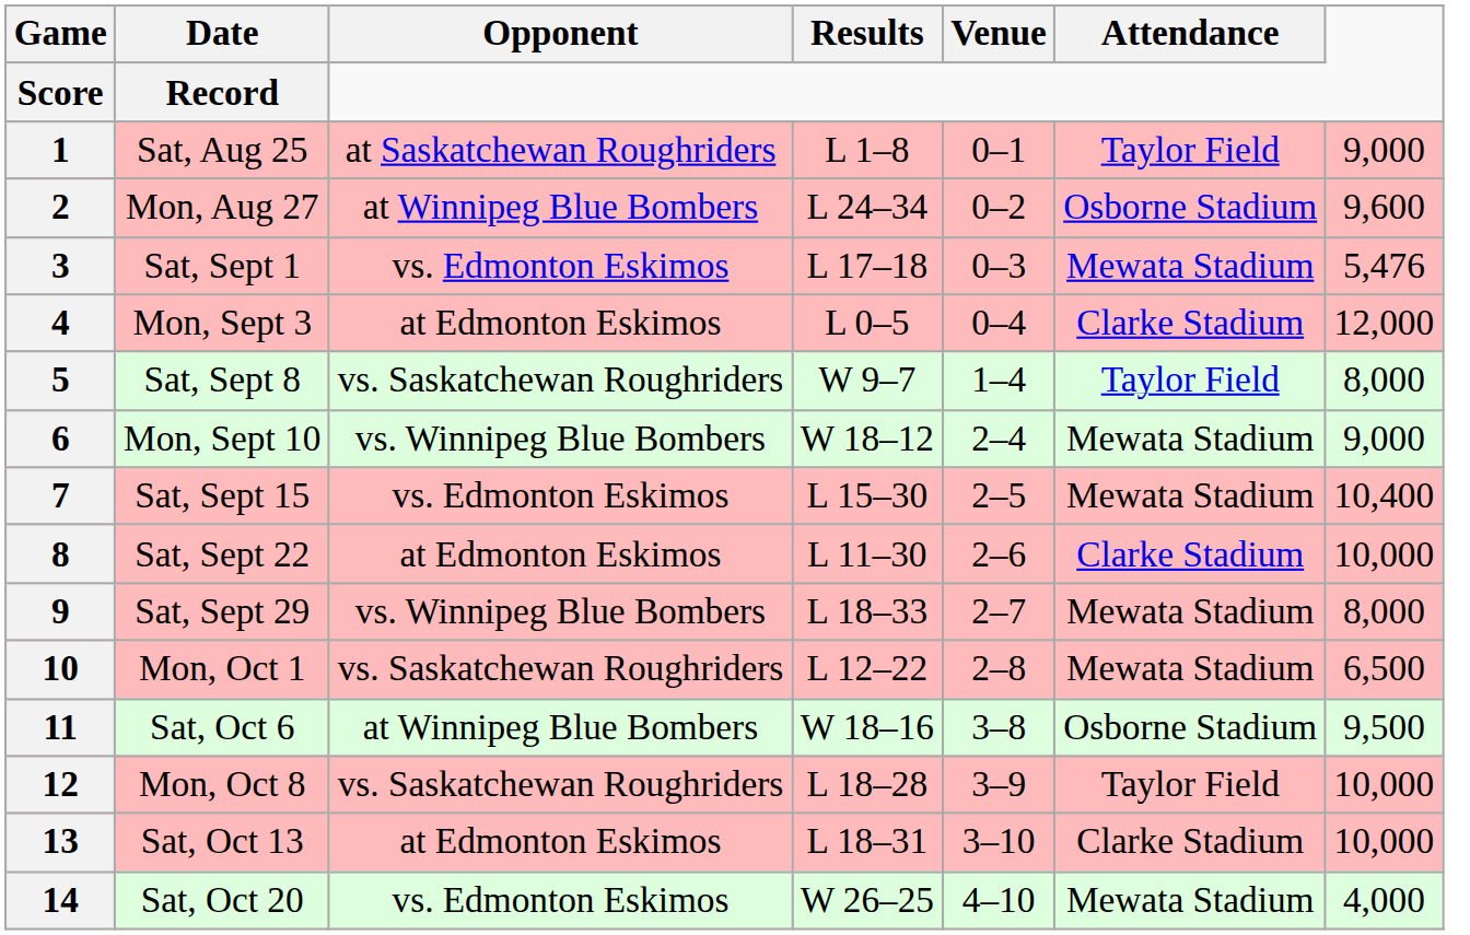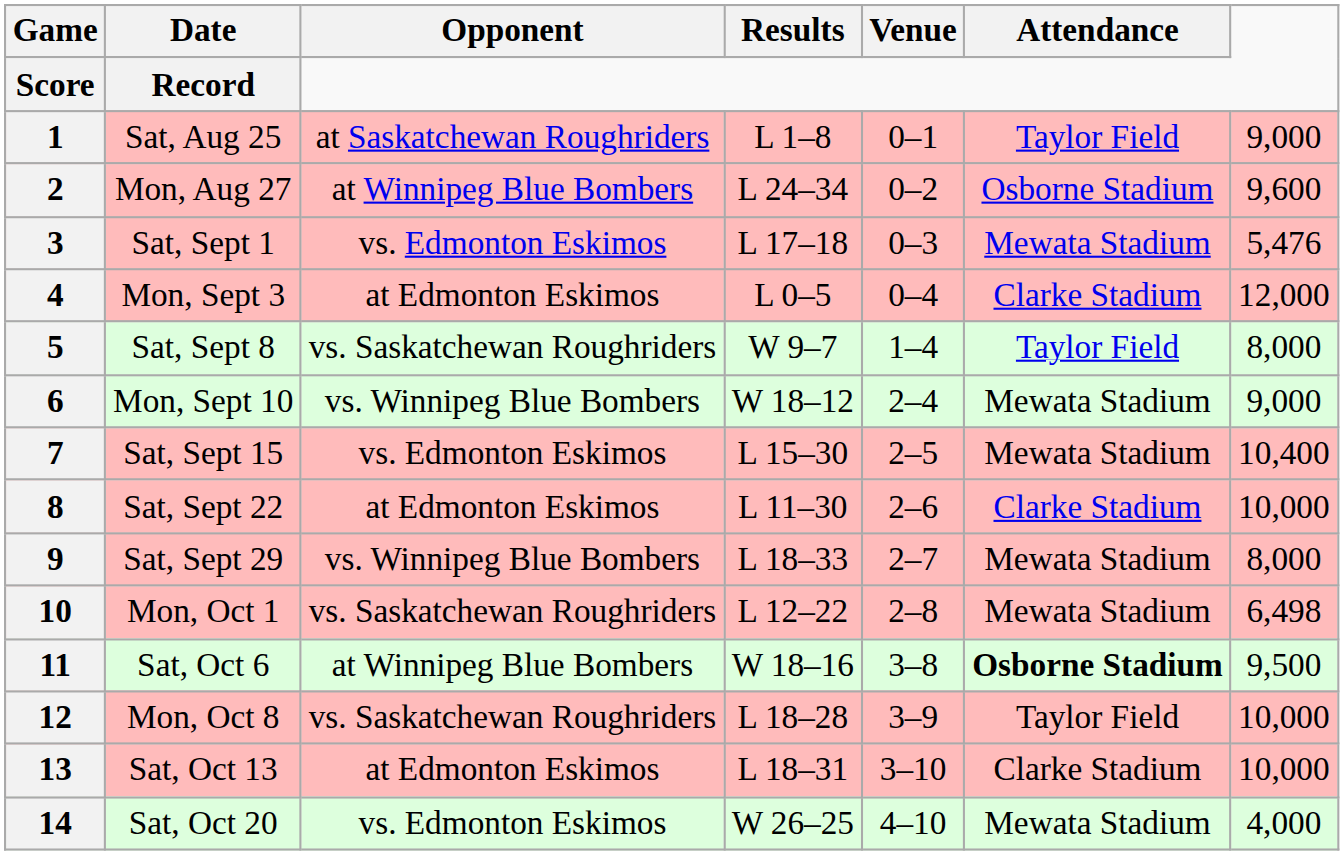 <table class="wikitable" style="text-align:center">
 <tr>
 <th>Game</th>
 <th>Date</th>
 <th>Opponent</th>
 <th>Results</th>
 <th>Venue</th>
 <th>Attendance</th>
 </tr>
 <tr>
 <th>Score</th>
 <th>Record</th>
 </tr>
 <tr style="background:#ffbbbb">
 <th>1</th>
 <td>Sat, Aug 25</td>
 <td>at <a href='#'>Saskatchewan Roughriders</a></td>
 <td>L 1–8</td>
 <td>0–1</td>
 <td><a href='#'>Taylor Field</a></td>
 <td>9,000</td>
 </tr>
 <tr style="background:#ffbbbb">
 <th>2</th>
 <td>Mon, Aug 27</td>
 <td>at <a href='#'>Winnipeg Blue Bombers</a></td>
 <td>L 24–34</td>
 <td>0–2</td>
 <td><a href='#'>Osborne Stadium</a></td>
 <td>9,600</td>
 </tr>
 <tr style="background:#ffbbbb">
 <th>3</th>
 <td>Sat, Sept 1</td>
 <td>vs. <a href='#'>Edmonton Eskimos</a></td>
 <td>L 17–18</td>
 <td>0–3</td>
 <td><a href='#'>Mewata Stadium</a></td>
 <td>5,476</td>
 </tr>
 <tr style="background:#ffbbbb">
 <th>4</th>
 <td>Mon, Sept 3</td>
 <td>at Edmonton Eskimos</td>
 <td>L 0–5</td>
 <td>0–4</td>
 <td><a href='#'>Clarke Stadium</a></td>
 <td>12,000</td>
 </tr>
 <tr style="background:#ddffdd">
 <th>5</th>
 <td>Sat, Sept 8</td>
 <td>vs. Saskatchewan Roughriders</td>
 <td>W 9–7</td>
 <td>1–4</td>
 <td><a href='#'>Taylor Field</a></td>
 <td>8,000</td>
 </tr>
 <tr style="background:#ddffdd">
 <th>6</th>
 <td>Mon, Sept 10</td>
 <td>vs. Winnipeg Blue Bombers</td>
 <td>W 18–12</td>
 <td>2–4</td>
 <td>Mewata Stadium</td>
 <td>9,000</td>
 </tr>
 <tr style="background:#ffbbbb">
 <th>7</th>
 <td>Sat, Sept 15</td>
 <td>vs. Edmonton Eskimos</td>
 <td>L 15–30</td>
 <td>2–5</td>
 <td>Mewata Stadium</td>
 <td>10,400</td>
 </tr>
 <tr style="background:#ffbbbb">
 <th>8</th>
 <td>Sat, Sept 22</td>
 <td>at Edmonton Eskimos</td>
 <td>L 11–30</td>
 <td>2–6</td>
 <td><a href='#'>Clarke Stadium</a></td>
 <td>10,000</td>
 </tr>
 <tr style="background:#ffbbbb">
 <th>9</th>
 <td>Sat, Sept 29</td>
 <td>vs. Winnipeg Blue Bombers</td>
 <td>L 18–33</td>
 <td>2–7</td>
 <td>Mewata Stadium</td>
 <td>8,000</td>
 </tr>
 <tr style="background:#ffbbbb">
 <th>10</th>
 <td>Mon, Oct 1</td>
 <td>vs. Saskatchewan Roughriders</td>
 <td>L 12–22</td>
 <td>2–8</td>
 <td>Mewata Stadium</td>
-<td>6,500</td>
+<td>6,498</td>
 </tr>
 <tr style="background:#ddffdd">
 <th>11</th>
 <td>Sat, Oct 6</td>
 <td>at Winnipeg Blue Bombers</td>
 <td>W 18–16</td>
 <td>3–8</td>
-<td>Osborne Stadium</td>
+<td><strong>Osborne Stadium</strong></td>
 <td>9,500</td>
 </tr>
 <tr style="background:#ffbbbb">
 <th>12</th>
 <td>Mon, Oct 8</td>
 <td>vs. Saskatchewan Roughriders</td>
 <td>L 18–28</td>
 <td>3–9</td>
 <td>Taylor Field</td>
 <td>10,000</td>
 </tr>
 <tr style="background:#ffbbbb">
 <th>13</th>
 <td>Sat, Oct 13</td>
 <td>at Edmonton Eskimos</td>
 <td>L 18–31</td>
 <td>3–10</td>
 <td>Clarke Stadium</td>
 <td>10,000</td>
 </tr>
 <tr style="background:#ddffdd">
 <th>14</th>
 <td>Sat, Oct 20</td>
 <td>vs. Edmonton Eskimos</td>
 <td>W 26–25</td>
 <td>4–10</td>
 <td>Mewata Stadium</td>
 <td>4,000</td>
 </tr>
 </table>
